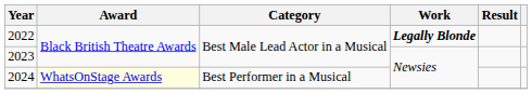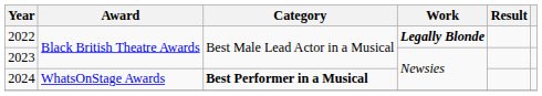 <table class="wikitable plainrowheaders">
 <tr>
 <th>Year</th>
 <th>Award</th>
 <th>Category</th>
 <th>Work</th>
 <th>Result</th>
 <th></th>
 </tr>
 <tr>
 <td>2022</td>
 <td rowspan="2"><a href='#'>Black British Theatre Awards</a></td>
 <td rowspan="2">Best Male Lead Actor in a Musical</td>
 <td><strong><em>Legally Blonde</em></strong></td>
 <td></td>
 <td></td>
 </tr>
 <tr>
 <td>2023</td>
 <td rowspan="2"><em>Newsies</em></td>
 <td></td>
 <td></td>
 </tr>
 <tr>
 <td>2024</td>
-<td style="background: lightyellow;"><a href='#'>WhatsOnStage Awards</a></td>
-<td>Best Performer in a Musical</td>
+<td><a href='#'>WhatsOnStage Awards</a></td>
+<td><strong>Best Performer in a Musical</strong></td>
 <td></td>
 <td></td>
 </tr>
 <tr>
 </tr>
 </table>
